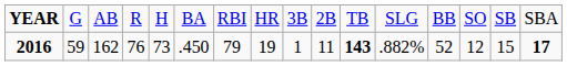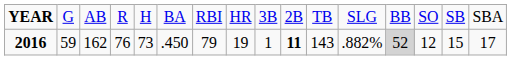 <table class="sortable wikitable">
 <tr align=center>
 <td><strong>YEAR</strong></td>
 <td><a href='#'>G</a></td>
 <td><a href='#'>AB</a></td>
 <td><a href='#'>R</a></td>
 <td><a href='#'>H</a></td>
 <td><a href='#'>BA</a></td>
 <td><a href='#'>RBI</a></td>
 <td><a href='#'>HR</a></td>
 <td><a href='#'>3B</a></td>
 <td><a href='#'>2B</a></td>
 <td><a href='#'>TB</a></td>
 <td><a href='#'>SLG</a></td>
 <td><a href='#'>BB</a></td>
 <td><a href='#'>SO</a></td>
 <td><a href='#'>SB</a></td>
 <td>SBA</td>
 </tr>
 <tr align=center>
 <td><strong>2016</strong></td>
 <td>59</td>
 <td>162</td>
 <td>76</td>
 <td>73</td>
 <td>.450</td>
 <td>79</td>
 <td>19</td>
 <td>1</td>
-<td>11</td>
-<td><strong>143</strong></td>
+<td><strong>11</strong></td>
+<td>143</td>
 <td>.882%</td>
-<td>52</td>
+<td style="background: lightgrey;">52</td>
 <td>12</td>
 <td>15</td>
-<td><strong>17</strong></td>
+<td>17</td>
 </tr>
 </table>
